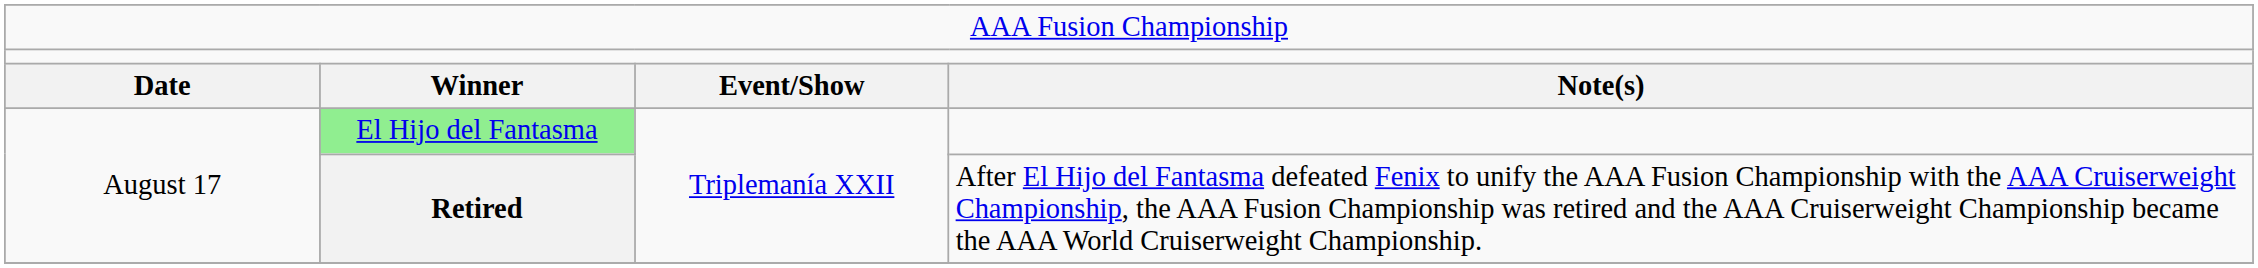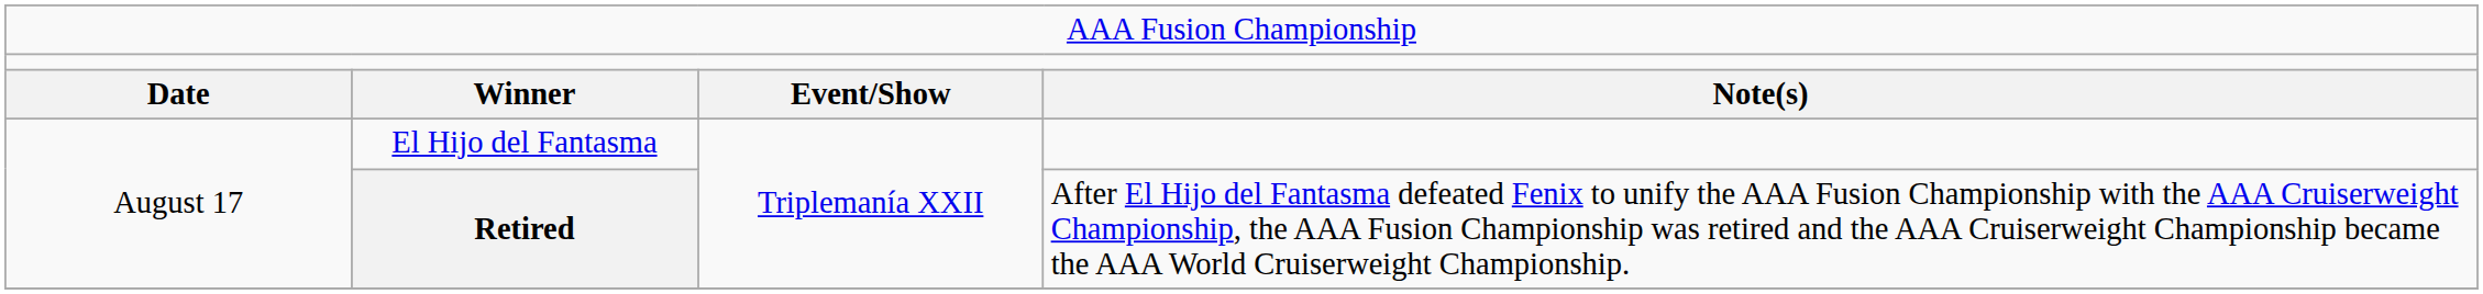 <table class="wikitable" style="text-align:center; width:100%;">
 <tr>
 <td colspan="5"><a href='#'>AAA Fusion Championship</a></td>
 </tr>
 <tr>
 <td colspan="5"><strong></strong></td>
 </tr>
 <tr>
 <th width="14%">Date</th>
 <th width="14%">Winner</th>
 <th width="14%">Event/Show</th>
 <th width="58%">Note(s)</th>
 </tr>
 <tr>
 <td rowspan=2>August 17</td>
-<td style="background: lightgreen;"><a href='#'>El Hijo del Fantasma</a></td>
+<td><a href='#'>El Hijo del Fantasma</a></td>
 <td rowspan=2><a href='#'>Triplemanía XXII</a></td>
 <td align="left"></td>
 </tr>
 <tr>
 <th>Retired</th>
 <td align=left>After <a href='#'>El Hijo del Fantasma</a> defeated <a href='#'>Fenix</a> to unify the AAA Fusion Championship with the <a href='#'>AAA Cruiserweight Championship</a>, the AAA Fusion Championship was retired and the AAA Cruiserweight Championship became the AAA World Cruiserweight Championship.</td>
 </tr>
 <tr>
 </tr>
 </table>
